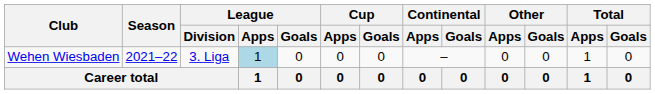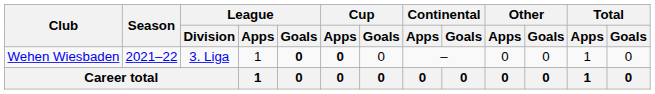 <table class="wikitable" style="text-align: center">
 <tr>
 <th rowspan="2">Club</th>
 <th rowspan="2">Season</th>
 <th colspan="3">League</th>
 <th colspan="2">Cup</th>
 <th colspan="2">Continental</th>
 <th colspan="2">Other</th>
 <th colspan="2">Total</th>
 </tr>
 <tr>
 <th>Division</th>
 <th>Apps</th>
 <th>Goals</th>
 <th>Apps</th>
 <th>Goals</th>
 <th>Apps</th>
 <th>Goals</th>
 <th>Apps</th>
 <th>Goals</th>
 <th>Apps</th>
 <th>Goals</th>
 </tr>
 <tr>
 <td><a href='#'>Wehen Wiesbaden</a></td>
 <td><a href='#'>2021–22</a></td>
 <td><a href='#'>3. Liga</a></td>
-<td style="background: lightblue;">1</td>
-<td>0</td>
-<td>0</td>
+<td>1</td>
+<td><strong>0</strong></td>
+<td><strong>0</strong></td>
 <td>0</td>
 <td colspan="2">–</td>
 <td>0</td>
 <td>0</td>
 <td>1</td>
 <td>0</td>
 </tr>
 <tr>
 <th colspan=3>Career total</th>
 <th>1</th>
 <th>0</th>
 <th>0</th>
 <th>0</th>
 <th>0</th>
 <th>0</th>
 <th>0</th>
 <th>0</th>
 <th>1</th>
 <th>0</th>
 </tr>
 </table>
